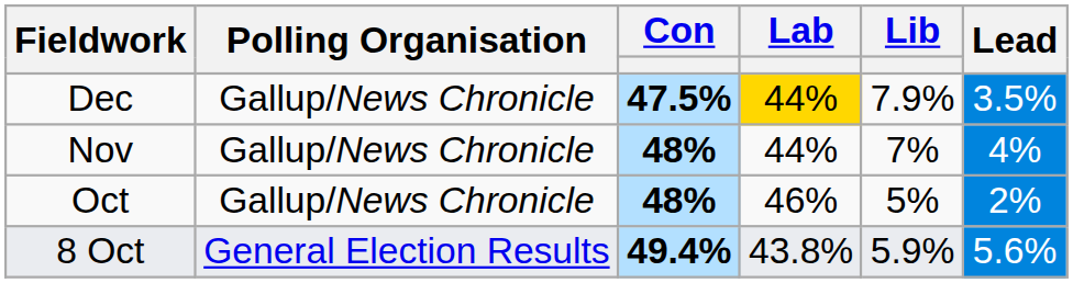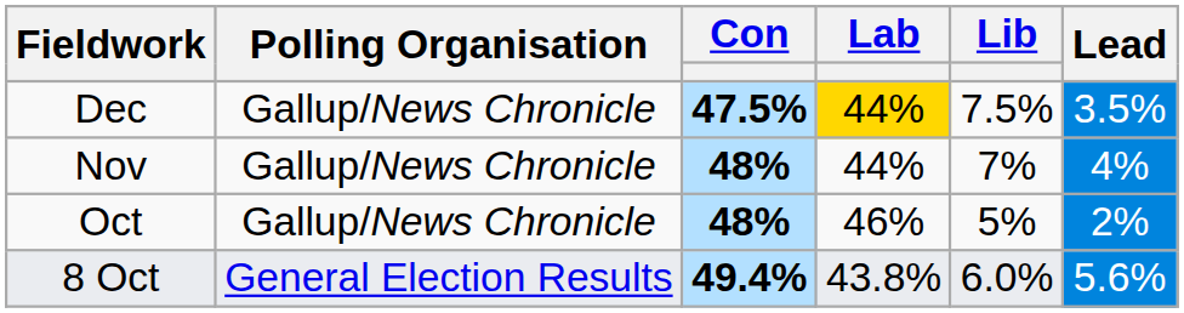 <table class="wikitable" style="text-align: center; line-height: 14px; font-size: 95%;">
 <tr>
 <th rowspan="2">Fieldwork</th>
 <th rowspan="2">Polling Organisation</th>
 <th><a href='#'>Con</a></th>
 <th><a href='#'>Lab</a></th>
 <th><a href='#'>Lib</a></th>
 <th class="unsortable" style="width:20px;" rowspan="2">Lead</th>
 </tr>
 <tr>
 <th style="background:"></th>
 <th style="background:"></th>
 <th style="background:"></th>
 </tr>
 <tr>
 <td>Dec</td>
 <td>Gallup/<em>News Chronicle</em></td>
 <td style="background:#B3E0FF"><strong>47.5%</strong></td>
 <td style="background: gold;">44%</td>
-<td>7.9%</td>
+<td>7.5%</td>
 <td style="background:#0084dd; color:white;">3.5%</td>
 </tr>
 <tr>
 <td>Nov</td>
 <td>Gallup/<em>News Chronicle</em></td>
 <td style="background:#B3E0FF"><strong>48%</strong></td>
 <td>44%</td>
 <td>7%</td>
 <td style="background:#0084dd; color:white;">4%</td>
 </tr>
 <tr>
 <td>Oct</td>
 <td>Gallup/<em>News Chronicle</em></td>
 <td style="background:#B3E0FF"><strong>48%</strong></td>
 <td>46%</td>
 <td>5%</td>
 <td style="background:#0084dd; color:white;">2%</td>
 </tr>
 <tr>
 <td style="background:#EAECF0;">8 Oct</td>
 <td style="background:#EAECF0;"><a href='#'>General Election Results</a></td>
 <td style="background:#B3E0FF"><strong>49.4%</strong></td>
 <td style="background:#EAECF0;">43.8%</td>
-<td style="background:#EAECF0;">5.9%</td>
+<td style="background:#EAECF0;">6.0%</td>
 <td style="background:#0084dd; color:white;">5.6%</td>
 </tr>
 </table>
